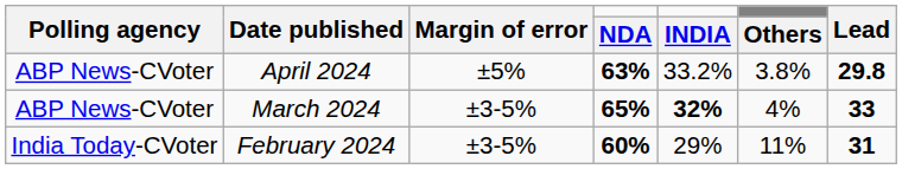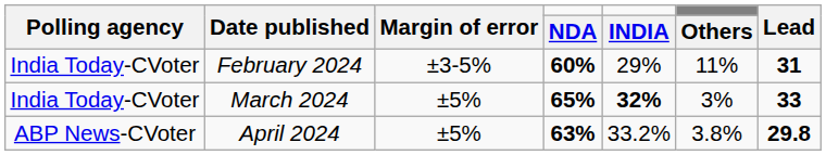 <table class="wikitable sortable" style="text-align:center;font-size:95%;line-height:16px">
 <tr>
 <th rowspan="2">Polling agency</th>
 <th rowspan="2">Date published</th>
 <th rowspan="2">Margin of error</th>
 <td></td>
 <td></td>
 <td bgcolor="grey"></td>
 <th rowspan="2">Lead</th>
 </tr>
 <tr>
 <th><a href='#'>NDA</a></th>
 <th><a href='#'>INDIA</a></th>
 <th>Others</th>
 </tr>
 <tr>
+<td><a href='#'>India Today</a>-CVoter</td>
+<td><em>February 2024</em></td>
+<td>±3-5%</td>
+<td><strong>60%</strong></td>
+<td>29%</td>
+<td>11%</td>
+<td><strong>31</strong></td>
+</tr>
+<tr>
+<td><a href='#'>India Today</a>-CVoter</td>
+<td><em>March 2024</em></td>
+<td>±5%</td>
+<td bgcolor=><strong>65%</strong></td>
+<td><strong>32%</strong></td>
+<td>3%</td>
+<td bgcolor=><strong>33</strong></td>
+</tr>
+<tr>
 <td><a href='#'>ABP News</a>-CVoter</td>
 <td><em>April 2024</em></td>
 <td>±5%</td>
 <td bgcolor=><strong>63%</strong></td>
 <td>33.2%</td>
 <td>3.8%</td>
 <td bgcolor=><strong>29.8</strong></td>
 </tr>
-<tr>
-<td><a href='#'>ABP News</a>-CVoter</td>
-<td><em>March 2024</em></td>
-<td>±3-5%</td>
-<td bgcolor=><strong>65%</strong></td>
-<td><strong>32%</strong></td>
-<td>4%</td>
-<td bgcolor=><strong>33</strong></td>
-</tr>
-<tr>
-<td><a href='#'>India Today</a>-CVoter</td>
-<td><em>February 2024</em></td>
-<td>±3-5%</td>
-<td><strong>60%</strong></td>
-<td>29%</td>
-<td>11%</td>
-<td><strong>31</strong></td>
-</tr>
 </table>
